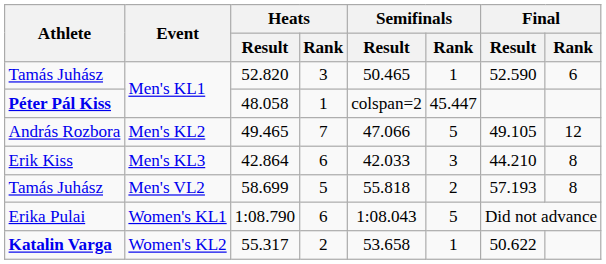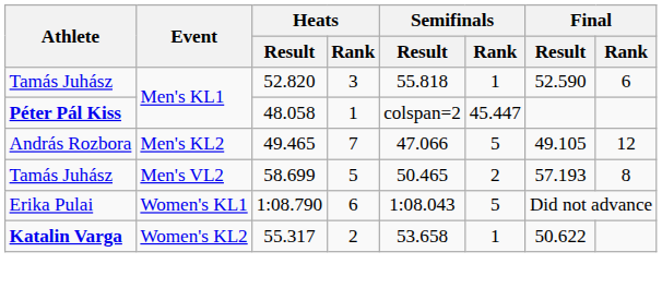 <table class=wikitable style="font-size:90%">
 <tr>
 <th rowspan=2>Athlete</th>
 <th rowspan=2>Event</th>
 <th colspan=2>Heats</th>
 <th colspan=2>Semifinals</th>
 <th colspan=2>Final</th>
 </tr>
 <tr>
 <th>Result</th>
 <th>Rank</th>
 <th>Result</th>
 <th>Rank</th>
 <th>Result</th>
 <th>Rank</th>
 </tr>
 <tr align=center>
 <td align=left><a href='#'>Tamás Juhász</a></td>
 <td align=left rowspan=2><a href='#'>Men's KL1</a></td>
 <td>52.820</td>
 <td>3</td>
-<td>50.465</td>
+<td>55.818</td>
 <td>1</td>
 <td>52.590</td>
 <td>6</td>
 </tr>
 <tr align=center>
 <td align=left><strong><a href='#'>Péter Pál Kiss</a></strong></td>
 <td>48.058</td>
 <td>1</td>
 <td>colspan=2 </td>
 <td>45.447</td>
 <td></td>
 </tr>
 <tr align=center>
 <td align=left><a href='#'>András Rozbora</a></td>
 <td align=left><a href='#'>Men's KL2</a></td>
 <td>49.465</td>
 <td>7</td>
 <td>47.066</td>
 <td>5</td>
 <td>49.105</td>
 <td>12</td>
 </tr>
 <tr align=center>
-<td align=left><a href='#'>Erik Kiss</a></td>
-<td align=left><a href='#'>Men's KL3</a></td>
-<td>42.864</td>
-<td>6</td>
-<td>42.033</td>
-<td>3</td>
-<td>44.210</td>
-<td>8</td>
-</tr>
-<tr align=center>
 <td align=left><a href='#'>Tamás Juhász</a></td>
 <td align=left><a href='#'>Men's VL2</a></td>
 <td>58.699</td>
 <td>5</td>
-<td>55.818</td>
+<td>50.465</td>
 <td>2</td>
 <td>57.193</td>
 <td>8</td>
 </tr>
 <tr align=center>
 <td align=left><a href='#'>Erika Pulai</a></td>
 <td align=left><a href='#'>Women's KL1</a></td>
 <td>1:08.790</td>
 <td>6</td>
 <td>1:08.043</td>
 <td>5</td>
 <td colspan=2>Did not advance</td>
 </tr>
 <tr align=center>
 <td align=left><strong><a href='#'>Katalin Varga</a></strong></td>
 <td align=left><a href='#'>Women's KL2</a></td>
 <td>55.317</td>
 <td>2</td>
 <td>53.658</td>
 <td>1</td>
 <td>50.622</td>
 <td></td>
 </tr>
 </table>
